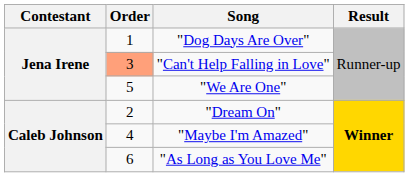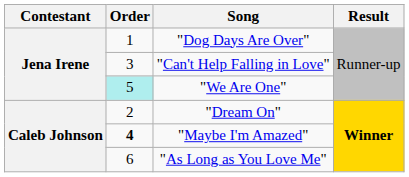 <table class="wikitable unsortable" style="text-align:center;">
 <tr>
 <th scope="col">Contestant</th>
 <th scope="col">Order</th>
 <th scope="col">Song</th>
 <th scope="col">Result</th>
 </tr>
 <tr>
 <th scope="row" rowspan="3">Jena Irene</th>
 <td>1</td>
 <td>"<a href='#'>Dog Days Are Over</a>"</td>
 <td rowspan="3" bgcolor="silver">Runner-up</td>
 </tr>
 <tr>
-<td style="background: lightsalmon;">3</td>
+<td>3</td>
 <td>"<a href='#'>Can't Help Falling in Love</a>"</td>
 </tr>
 <tr>
-<td>5</td>
+<td style="background: paleturquoise;">5</td>
 <td>"<a href='#'>We Are One</a>"</td>
 </tr>
 <tr>
 <th scope="row" rowspan="3">Caleb Johnson</th>
 <td>2</td>
 <td>"<a href='#'>Dream On</a>"</td>
 <td rowspan="3" bgcolor="gold"><strong>Winner</strong></td>
 </tr>
 <tr>
-<td>4</td>
+<td><strong>4</strong></td>
 <td>"<a href='#'>Maybe I'm Amazed</a>"</td>
 </tr>
 <tr>
 <td>6</td>
 <td>"<a href='#'>As Long as You Love Me</a>"</td>
 </tr>
 </table>
